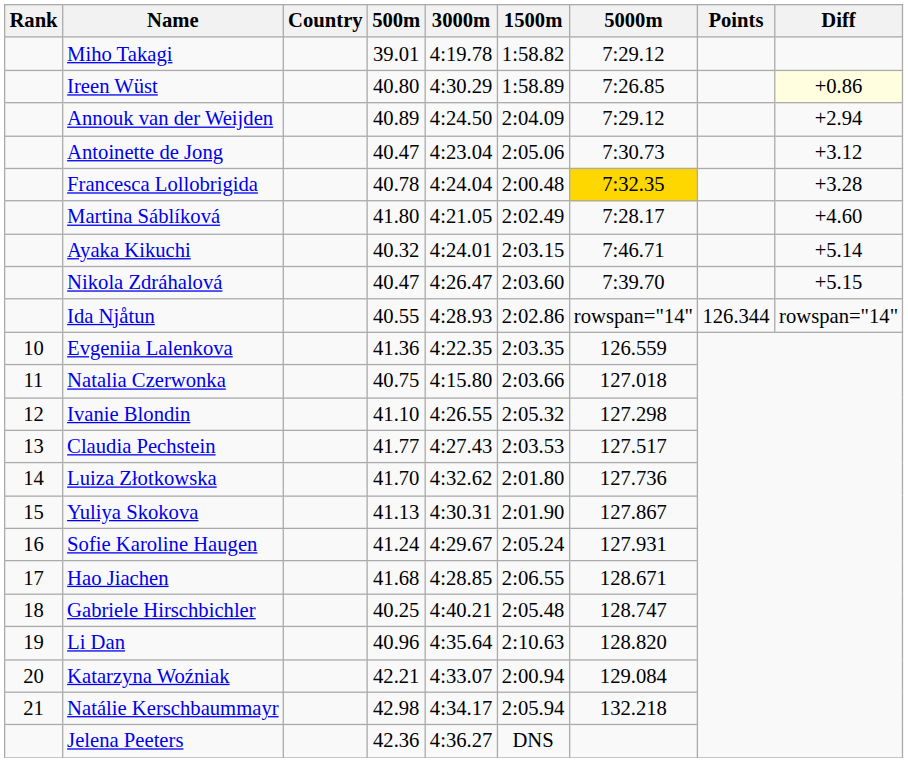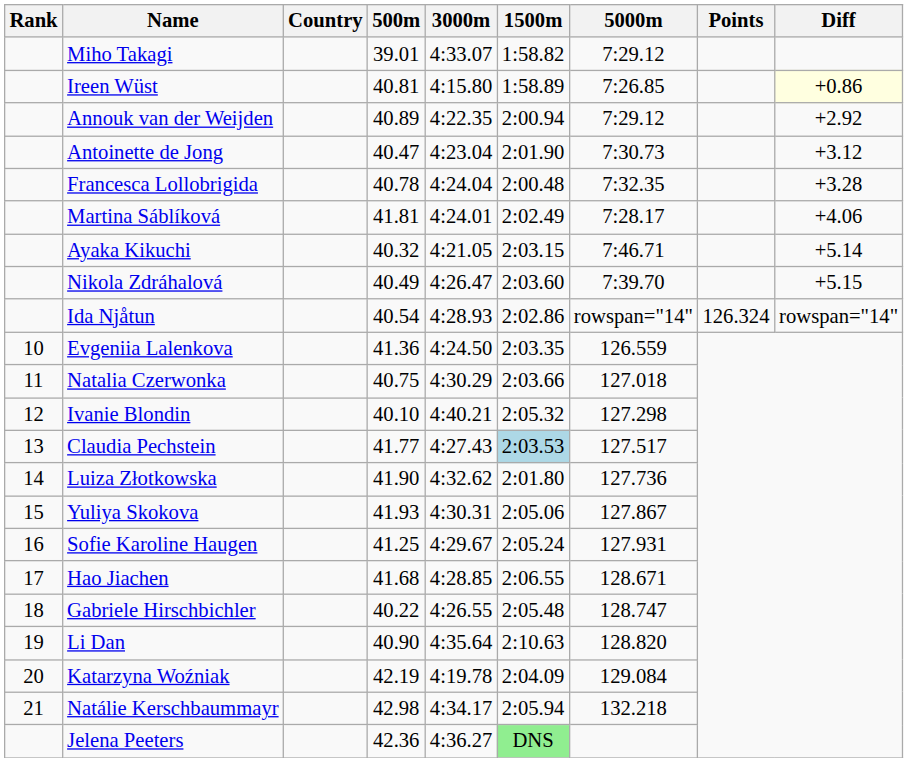 <table class="wikitable sortable" style="text-align:center">
 <tr>
 <th>Rank</th>
 <th>Name</th>
 <th>Country</th>
 <th>500m</th>
 <th>3000m</th>
 <th>1500m</th>
 <th>5000m</th>
 <th>Points</th>
 <th>Diff</th>
 </tr>
 <tr>
 <td></td>
 <td style="text-align:left;"><a href='#'>Miho Takagi</a></td>
 <td style="text-align:left;"></td>
 <td>39.01</td>
-<td>4:19.78</td>
+<td>4:33.07</td>
 <td>1:58.82</td>
 <td>7:29.12</td>
 <td></td>
 <td></td>
 </tr>
 <tr>
 <td></td>
 <td style="text-align:left;"><a href='#'>Ireen Wüst</a></td>
 <td style="text-align:left;"></td>
-<td>40.80</td>
-<td>4:30.29</td>
+<td>40.81</td>
+<td>4:15.80</td>
 <td>1:58.89</td>
 <td>7:26.85</td>
 <td></td>
 <td style="background: lightyellow;">+0.86</td>
 </tr>
 <tr>
 <td></td>
 <td style="text-align:left;"><a href='#'>Annouk van der Weijden</a></td>
 <td style="text-align:left;"></td>
 <td>40.89</td>
-<td>4:24.50</td>
-<td>2:04.09</td>
+<td>4:22.35</td>
+<td>2:00.94</td>
 <td>7:29.12</td>
 <td></td>
-<td>+2.94</td>
+<td>+2.92</td>
 </tr>
 <tr>
 <td></td>
 <td style="text-align:left;"><a href='#'>Antoinette de Jong</a></td>
 <td style="text-align:left;"></td>
 <td>40.47</td>
 <td>4:23.04</td>
-<td>2:05.06</td>
+<td>2:01.90</td>
 <td>7:30.73</td>
 <td></td>
 <td>+3.12</td>
 </tr>
 <tr>
 <td></td>
 <td style="text-align:left;"><a href='#'>Francesca Lollobrigida</a></td>
 <td style="text-align:left;"></td>
 <td>40.78</td>
 <td>4:24.04</td>
 <td>2:00.48</td>
-<td style="background: gold;">7:32.35</td>
+<td>7:32.35</td>
 <td></td>
 <td>+3.28</td>
 </tr>
 <tr>
 <td></td>
 <td style="text-align:left;"><a href='#'>Martina Sáblíková</a></td>
 <td style="text-align:left;"></td>
-<td>41.80</td>
-<td>4:21.05</td>
+<td>41.81</td>
+<td>4:24.01</td>
 <td>2:02.49</td>
 <td>7:28.17</td>
 <td></td>
-<td>+4.60</td>
+<td>+4.06</td>
 </tr>
 <tr>
 <td></td>
 <td style="text-align:left;"><a href='#'>Ayaka Kikuchi</a></td>
 <td style="text-align:left;"></td>
 <td>40.32</td>
-<td>4:24.01</td>
+<td>4:21.05</td>
 <td>2:03.15</td>
 <td>7:46.71</td>
 <td></td>
 <td>+5.14</td>
 </tr>
 <tr>
 <td></td>
 <td style="text-align:left;"><a href='#'>Nikola Zdráhalová</a></td>
 <td style="text-align:left;"></td>
-<td>40.47</td>
+<td>40.49</td>
 <td>4:26.47</td>
 <td>2:03.60</td>
 <td>7:39.70</td>
 <td></td>
 <td>+5.15</td>
 </tr>
 <tr>
 <td></td>
 <td style="text-align:left;"><a href='#'>Ida Njåtun</a></td>
 <td style="text-align:left;"></td>
-<td>40.55</td>
+<td>40.54</td>
 <td>4:28.93</td>
 <td>2:02.86</td>
 <td>rowspan="14" </td>
-<td>126.344</td>
+<td>126.324</td>
 <td>rowspan="14" </td>
 </tr>
 <tr>
 <td>10</td>
 <td style="text-align:left;"><a href='#'>Evgeniia Lalenkova</a></td>
 <td style="text-align:left;"></td>
 <td>41.36</td>
-<td>4:22.35</td>
+<td>4:24.50</td>
 <td>2:03.35</td>
 <td>126.559</td>
 </tr>
 <tr>
 <td>11</td>
 <td style="text-align:left;"><a href='#'>Natalia Czerwonka</a></td>
 <td style="text-align:left;"></td>
 <td>40.75</td>
-<td>4:15.80</td>
+<td>4:30.29</td>
 <td>2:03.66</td>
 <td>127.018</td>
 </tr>
 <tr>
 <td>12</td>
 <td style="text-align:left;"><a href='#'>Ivanie Blondin</a></td>
 <td style="text-align:left;"></td>
-<td>41.10</td>
-<td>4:26.55</td>
+<td>40.10</td>
+<td>4:40.21</td>
 <td>2:05.32</td>
 <td>127.298</td>
 </tr>
 <tr>
 <td>13</td>
 <td style="text-align:left;"><a href='#'>Claudia Pechstein</a></td>
 <td style="text-align:left;"></td>
 <td>41.77</td>
 <td>4:27.43</td>
-<td>2:03.53</td>
+<td style="background: lightblue;">2:03.53</td>
 <td>127.517</td>
 </tr>
 <tr>
 <td>14</td>
 <td style="text-align:left;"><a href='#'>Luiza Złotkowska</a></td>
 <td style="text-align:left;"></td>
-<td>41.70</td>
+<td>41.90</td>
 <td>4:32.62</td>
 <td>2:01.80</td>
 <td>127.736</td>
 </tr>
 <tr>
 <td>15</td>
 <td style="text-align:left;"><a href='#'>Yuliya Skokova</a></td>
 <td style="text-align:left;"></td>
-<td>41.13</td>
+<td>41.93</td>
 <td>4:30.31</td>
-<td>2:01.90</td>
+<td>2:05.06</td>
 <td>127.867</td>
 </tr>
 <tr>
 <td>16</td>
 <td style="text-align:left;"><a href='#'>Sofie Karoline Haugen</a></td>
 <td style="text-align:left;"></td>
-<td>41.24</td>
+<td>41.25</td>
 <td>4:29.67</td>
 <td>2:05.24</td>
 <td>127.931</td>
 </tr>
 <tr>
 <td>17</td>
 <td style="text-align:left;"><a href='#'>Hao Jiachen</a></td>
 <td style="text-align:left;"></td>
 <td>41.68</td>
 <td>4:28.85</td>
 <td>2:06.55</td>
 <td>128.671</td>
 </tr>
 <tr>
 <td>18</td>
 <td style="text-align:left;"><a href='#'>Gabriele Hirschbichler</a></td>
 <td style="text-align:left;"></td>
-<td>40.25</td>
-<td>4:40.21</td>
+<td>40.22</td>
+<td>4:26.55</td>
 <td>2:05.48</td>
 <td>128.747</td>
 </tr>
 <tr>
 <td>19</td>
 <td style="text-align:left;"><a href='#'>Li Dan</a></td>
 <td style="text-align:left;"></td>
-<td>40.96</td>
+<td>40.90</td>
 <td>4:35.64</td>
 <td>2:10.63</td>
 <td>128.820</td>
 </tr>
 <tr>
 <td>20</td>
 <td style="text-align:left;"><a href='#'>Katarzyna Woźniak</a></td>
 <td style="text-align:left;"></td>
-<td>42.21</td>
-<td>4:33.07</td>
-<td>2:00.94</td>
+<td>42.19</td>
+<td>4:19.78</td>
+<td>2:04.09</td>
 <td>129.084</td>
 </tr>
 <tr>
 <td>21</td>
 <td style="text-align:left;"><a href='#'>Natálie Kerschbaummayr</a></td>
 <td style="text-align:left;"></td>
 <td>42.98</td>
 <td>4:34.17</td>
 <td>2:05.94</td>
 <td>132.218</td>
 </tr>
 <tr>
 <td></td>
 <td style="text-align:left;"><a href='#'>Jelena Peeters</a></td>
 <td style="text-align:left;"></td>
 <td>42.36</td>
 <td>4:36.27</td>
-<td>DNS</td>
+<td style="background: lightgreen;">DNS</td>
 <td></td>
 </tr>
 </table>
